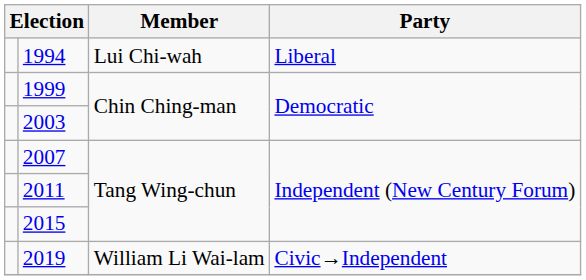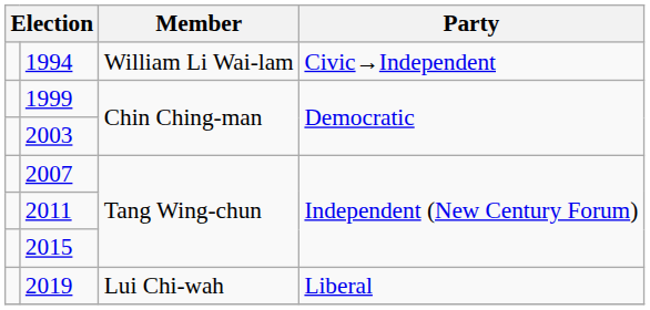 <table class="wikitable">
 <tr>
 <th colspan="2">Election</th>
 <th>Member</th>
 <th>Party</th>
 </tr>
 <tr>
 <td style="background-color:"></td>
 <td><a href='#'>1994</a></td>
-<td>Lui Chi-wah</td>
-<td><a href='#'>Liberal</a></td>
+<td>William Li Wai-lam</td>
+<td><a href='#'>Civic</a>→<a href='#'>Independent</a></td>
 </tr>
 <tr>
 <td style="background-color:"></td>
 <td><a href='#'>1999</a></td>
 <td rowspan=2>Chin Ching-man</td>
 <td rowspan=2><a href='#'>Democratic</a></td>
 </tr>
 <tr>
 <td style="background-color:"></td>
 <td><a href='#'>2003</a></td>
 </tr>
 <tr>
 <td style="background-color:"></td>
 <td><a href='#'>2007</a></td>
 <td rowspan=3>Tang Wing-chun</td>
 <td rowspan=3><a href='#'>Independent</a> (<a href='#'>New Century Forum</a>)</td>
 </tr>
 <tr>
 <td style="background-color:"></td>
 <td><a href='#'>2011</a></td>
 </tr>
 <tr>
 <td style="background-color:"></td>
 <td><a href='#'>2015</a></td>
 </tr>
 <tr>
 <td style="background-color:"></td>
 <td><a href='#'>2019</a></td>
-<td>William Li Wai-lam</td>
-<td><a href='#'>Civic</a>→<a href='#'>Independent</a></td>
+<td>Lui Chi-wah</td>
+<td><a href='#'>Liberal</a></td>
 </tr>
 <tr>
 </tr>
 </table>
